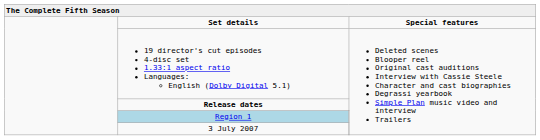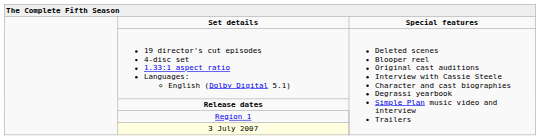 <table class="wikitable" style="font-size: 95%;">
 <tr style="background:#EFEFEF">
 <td colspan="5"><strong>The Complete Fifth Season</strong></td>
 </tr>
 <tr valign="top">
 <td rowspan="5" valign="center" align="center" width="180"></td>
 <td align="center" width="400" colspan="3"><strong>Set details</strong></td>
 <td width="300" align="center"><strong>Special features</strong></td>
 </tr>
 <tr valign="top">
 <td colspan="3" align="left" width="400"><br><ul><li>19 director's cut episodes</li><li>4-disc set</li><li><a href='#'>1.33:1 aspect ratio</a></li><li>Languages:<ul><li>English (<a href='#'>Dolby Digital</a> 5.1)</li></ul></li></ul></td>
 <td rowspan="4" align="left" width="300"><br><ul><li>Deleted scenes</li><li>Blooper reel</li><li>Original cast auditions</li><li>Interview with Cassie Steele</li><li>Character and cast biographies</li><li>Degrassi yearbook</li><li><a href='#'>Simple Plan</a> music video and interview</li><li>Trailers</li></ul></td>
 </tr>
 <tr>
 <td colspan="3" align="center"><strong>Release dates</strong></td>
 </tr>
 <tr>
-<td align="center" style="background: lightblue;"> <a href='#'>Region 1</a></td>
+<td align="center"> <a href='#'>Region 1</a></td>
 </tr>
 <tr>
-<td align="center">3 July 2007</td>
+<td align="center" style="background: lightyellow;">3 July 2007</td>
 </tr>
 </table>
